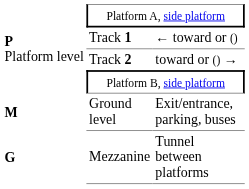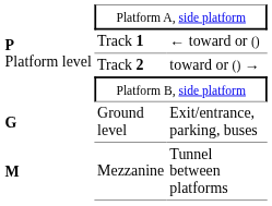 <table table border=0 cellspacing=0 cellpadding=3>
 <tr>
 <td rowspan="4"><strong>P</strong><br>Platform level</td>
 <td colspan="3" style="border-top:solid 1px gray;border-right:solid 2px black;border-left:solid 2px black;border-bottom:solid 2px black;text-align:center;"><small>Platform A, <a href='#'>side platform</a></small> </td>
 </tr>
 <tr>
 <td style="border-bottom:solid 1px gray;">Track <strong>1</strong></td>
 <td colspan="2" style="border-bottom:solid 1px gray;">←  toward  or  <small>()</small></td>
 </tr>
 <tr>
 <td>Track <strong>2</strong></td>
 <td colspan="2">  toward  or  <small>()</small> →</td>
 </tr>
 <tr>
 <td colspan="3" style="border-bottom:solid 1px gray;border-top:solid 2px black;border-right:solid 2px black;border-left:solid 2px black;text-align:center;"><small>Platform B, <a href='#'>side platform</a></small> </td>
 </tr>
 <tr>
-<td><strong>M</strong></td>
+<td><strong>G</strong></td>
 <td style="border-bottom:solid 1px gray;" width="50">Ground level</td>
 <td colspan="2" style="border-bottom:solid 1px gray;" width="100">Exit/entrance, parking, buses</td>
 </tr>
 <tr>
-<td><strong>G</strong></td>
+<td><strong>M</strong></td>
 <td style="border-bottom:solid 1px gray;" width="50">Mezzanine</td>
 <td colspan="2" style="border-bottom:solid 1px gray;" width="100">Tunnel between platforms</td>
 </tr>
 </table>
